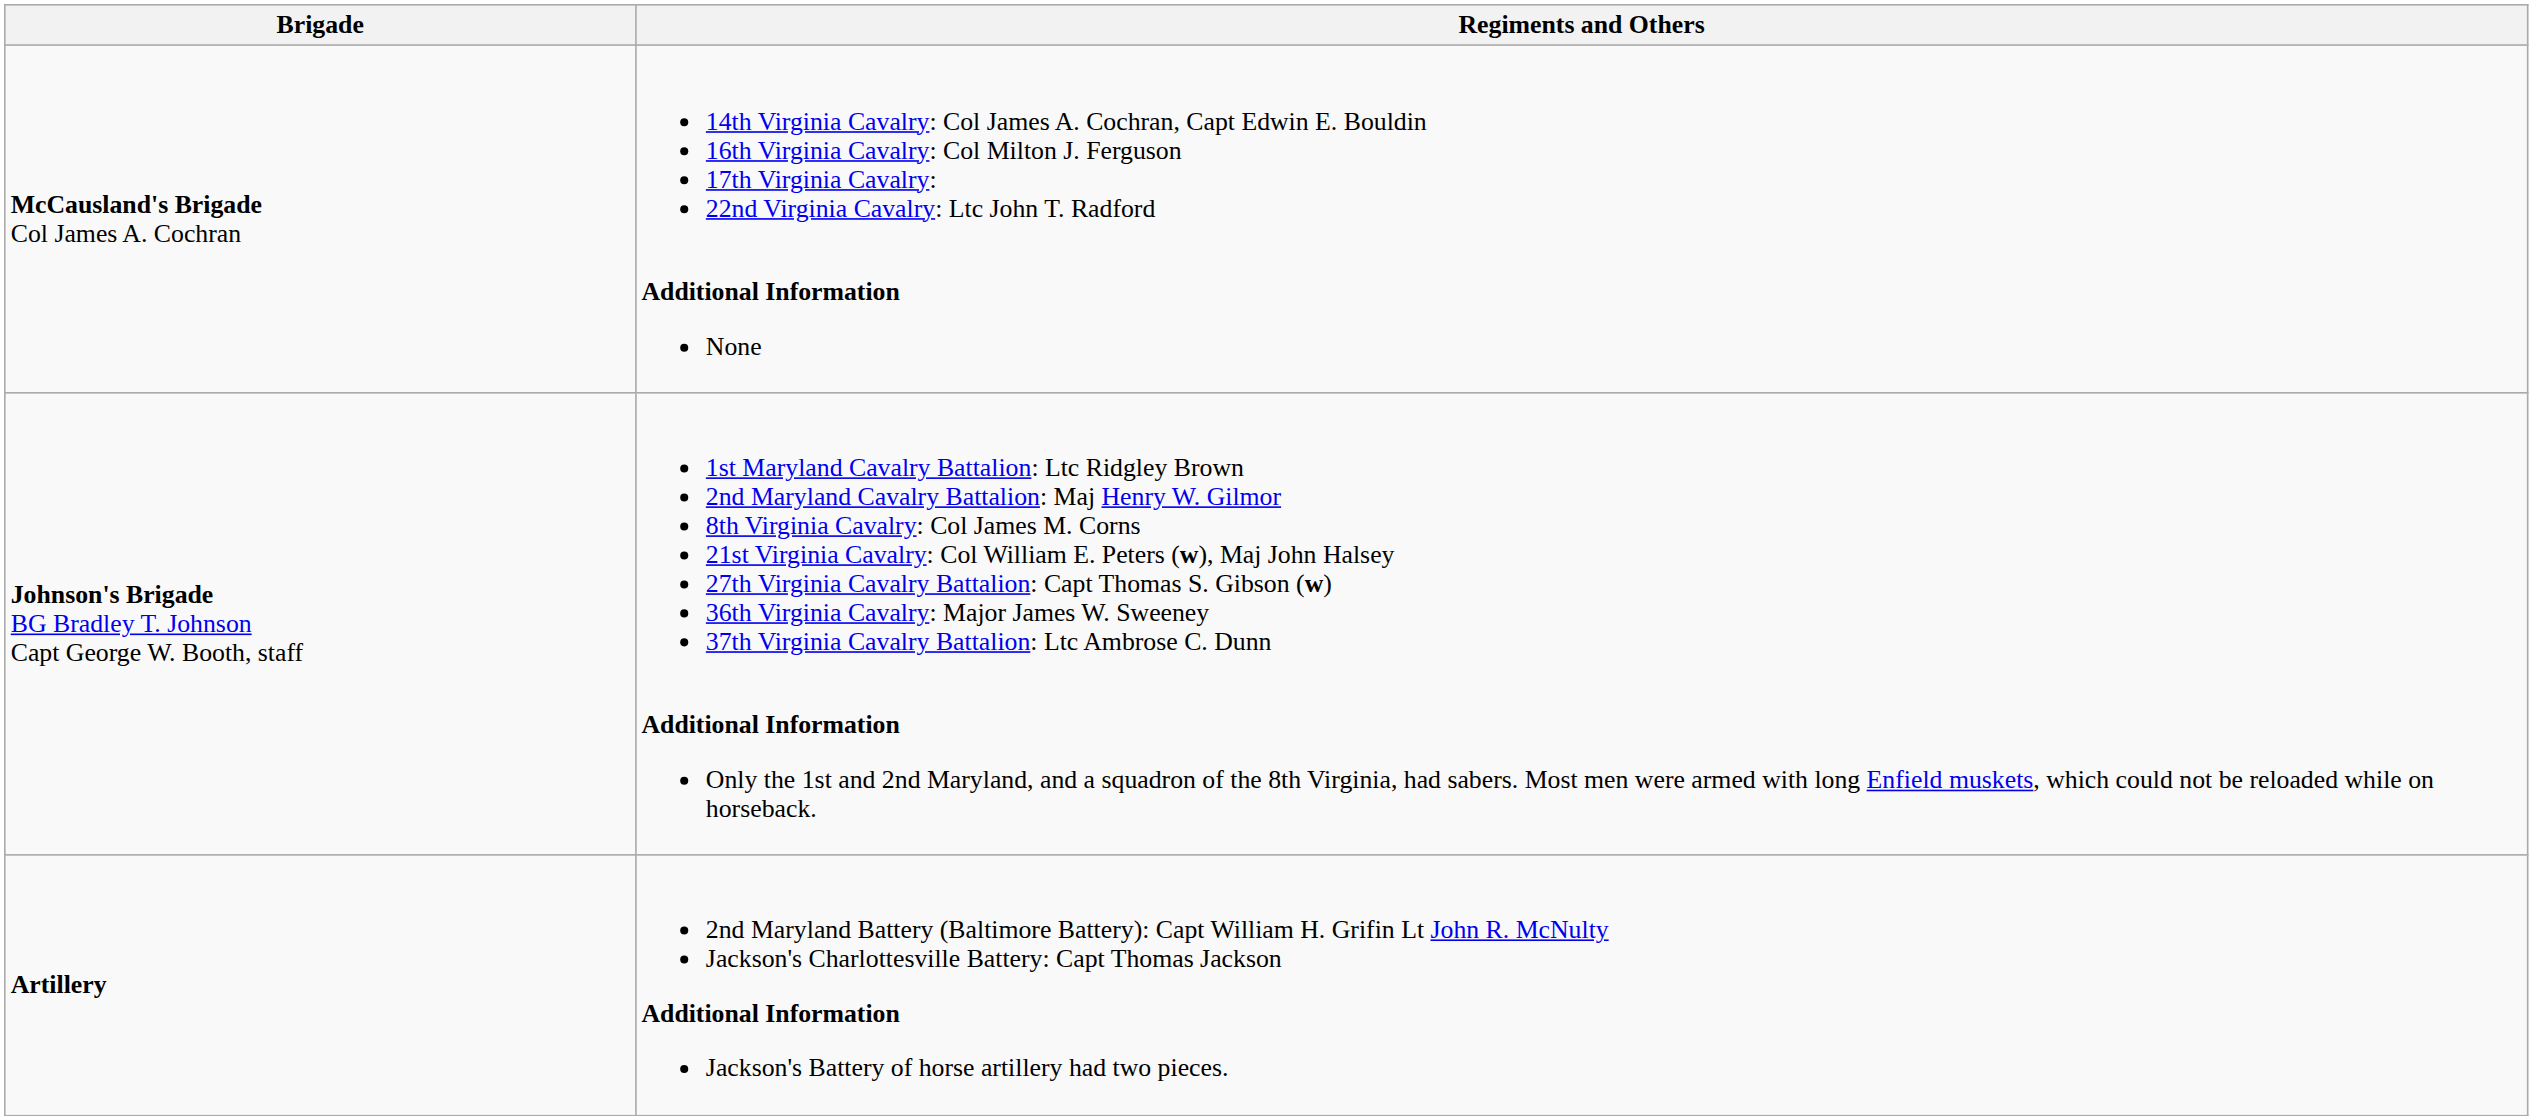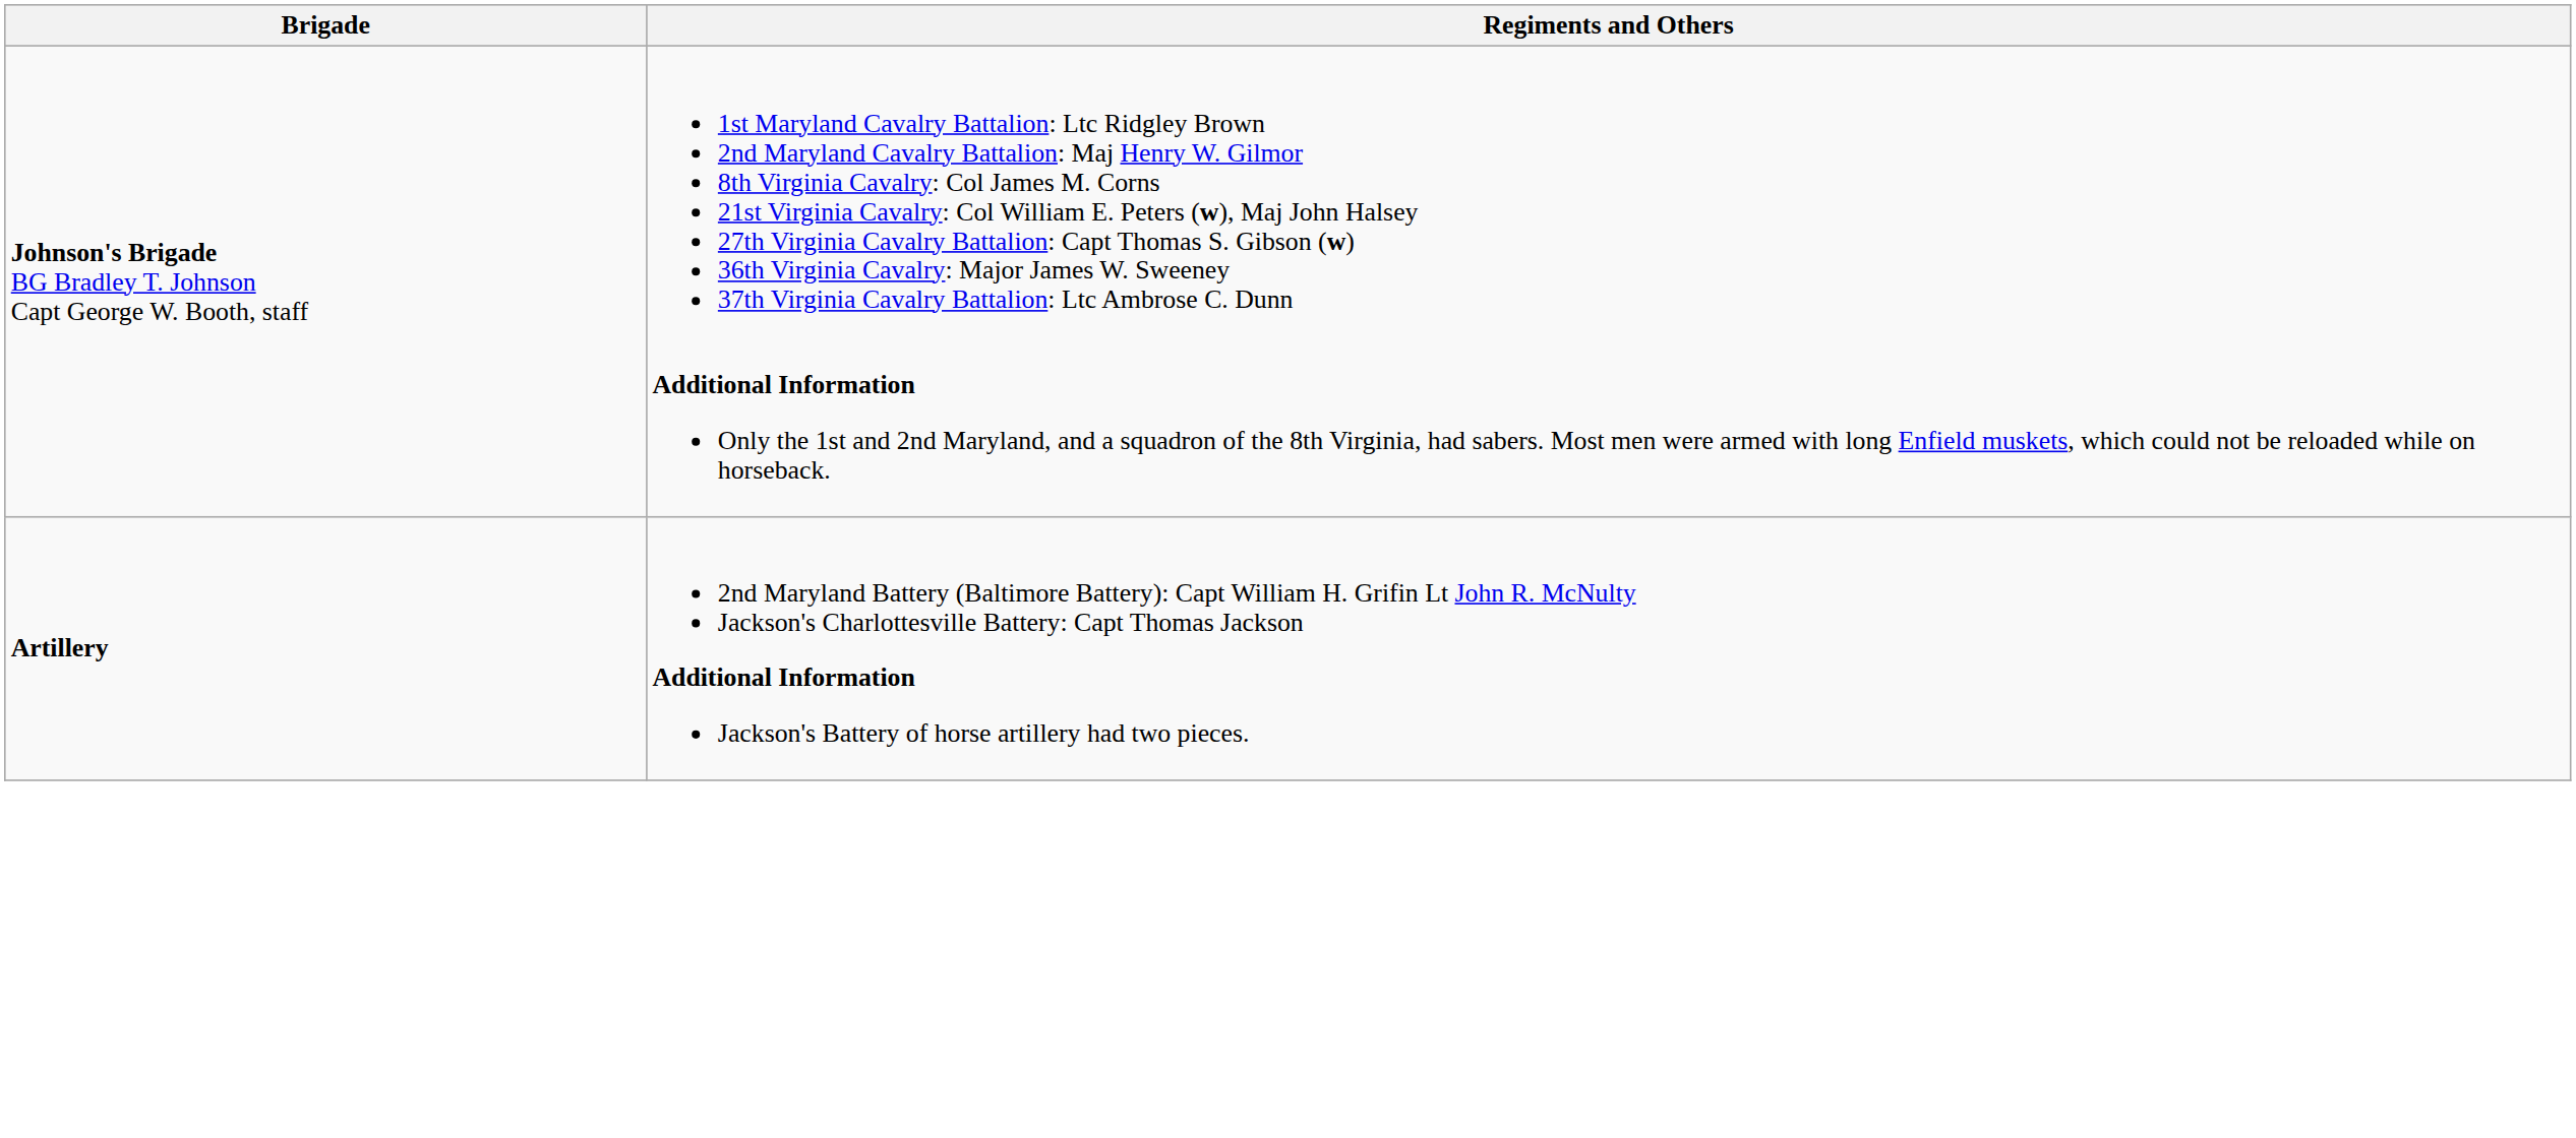 <table class="wikitable">
 <tr>
 <th width=25%>Brigade</th>
 <th>Regiments and Others</th>
-</tr>
-<tr>
-<td><strong>McCausland's Brigade</strong><br>Col James A. Cochran<br></td>
-<td><br><ul><li><a href='#'>14th Virginia Cavalry</a>: Col James A. Cochran, Capt Edwin E. Bouldin</li><li><a href='#'>16th Virginia Cavalry</a>: Col Milton J. Ferguson</li><li><a href='#'>17th Virginia Cavalry</a>:</li><li><a href='#'>22nd Virginia Cavalry</a>: Ltc John T. Radford</li></ul><br> <strong>Additional Information</strong><ul><li>None</li></ul></td>
 </tr>
 <tr>
 <td><strong>Johnson's Brigade</strong><br><a href='#'>BG Bradley T. Johnson</a><br> Capt George W. Booth, staff</td>
 <td><br><ul><li><a href='#'>1st Maryland Cavalry Battalion</a>: Ltc Ridgley Brown</li><li><a href='#'>2nd Maryland Cavalry Battalion</a>: Maj <a href='#'>Henry W. Gilmor</a></li><li><a href='#'>8th Virginia Cavalry</a>: Col James M. Corns</li><li><a href='#'>21st Virginia Cavalry</a>: Col William E. Peters (<strong>w</strong>), Maj John Halsey</li><li><a href='#'>27th Virginia Cavalry Battalion</a>: Capt Thomas S. Gibson (<strong>w</strong>)</li><li><a href='#'>36th Virginia Cavalry</a>: Major James W. Sweeney</li><li><a href='#'>37th Virginia Cavalry Battalion</a>: Ltc Ambrose C. Dunn</li></ul><br> <strong>Additional Information</strong><ul><li>Only the 1st and 2nd Maryland, and a squadron of the 8th Virginia, had sabers. Most men were armed with long <a href='#'>Enfield muskets</a>, which could not be reloaded while on horseback.</li></ul></td>
 </tr>
 <tr>
 <td><strong>Artillery</strong></td>
 <td><br><ul><li>2nd Maryland Battery (Baltimore Battery): Capt William H. Grifin Lt <a href='#'>John R. McNulty</a></li><li>Jackson's Charlottesville Battery: Capt Thomas Jackson</li></ul><strong>Additional Information</strong><ul><li>Jackson's Battery of horse artillery had two pieces.</li></ul></td>
 </tr>
 </table>
